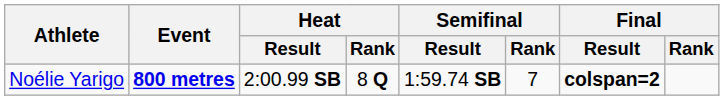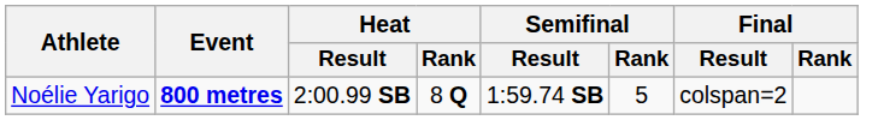 <table class="wikitable" style="font-size:90%">
 <tr>
 <th rowspan="2">Athlete</th>
 <th rowspan="2">Event</th>
 <th colspan="2">Heat</th>
 <th colspan="2">Semifinal</th>
 <th colspan="2">Final</th>
 </tr>
 <tr style="font-size:95%">
 <th>Result</th>
 <th>Rank</th>
 <th>Result</th>
 <th>Rank</th>
 <th>Result</th>
 <th>Rank</th>
 </tr>
 <tr style=text-align:center>
 <td style=text-align:left><a href='#'>Noélie Yarigo</a></td>
 <td style=text-align:left><strong><a href='#'>800 metres</a></strong></td>
 <td>2:00.99 <strong>SB</strong></td>
 <td>8 <strong>Q</strong></td>
 <td>1:59.74 <strong>SB</strong></td>
-<td>7</td>
-<td><strong>colspan=2 </strong></td>
+<td>5</td>
+<td>colspan=2 </td>
 </tr>
 </table>
